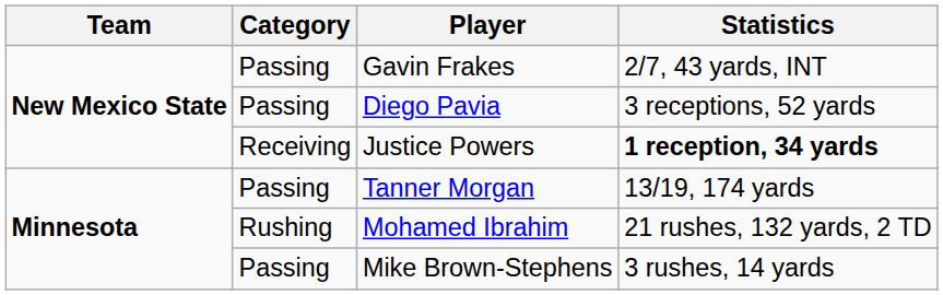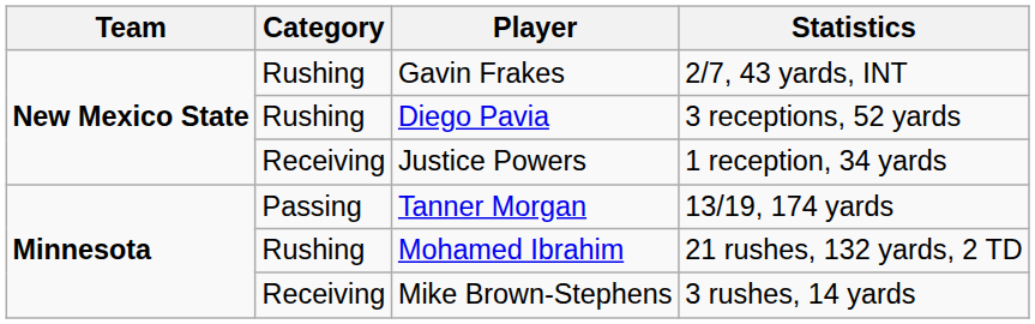 <table class="wikitable" style="float: right;">
 <tr>
 <th>Team</th>
 <th>Category</th>
 <th>Player</th>
 <th>Statistics</th>
 </tr>
 <tr>
 <td rowspan=3><strong>New Mexico State</strong></td>
-<td>Passing</td>
+<td>Rushing</td>
 <td>Gavin Frakes</td>
 <td>2/7, 43 yards, INT</td>
 </tr>
 <tr>
-<td>Passing</td>
+<td>Rushing</td>
 <td><a href='#'>Diego Pavia</a></td>
 <td>3 receptions, 52 yards</td>
 </tr>
 <tr>
 <td>Receiving</td>
 <td>Justice Powers</td>
-<td><strong>1 reception, 34 yards</strong></td>
+<td>1 reception, 34 yards</td>
 </tr>
 <tr>
 <td rowspan=3><strong>Minnesota</strong></td>
 <td>Passing</td>
 <td><a href='#'>Tanner Morgan</a></td>
 <td>13/19, 174 yards</td>
 </tr>
 <tr>
 <td>Rushing</td>
 <td><a href='#'>Mohamed Ibrahim</a></td>
 <td>21 rushes, 132 yards, 2 TD</td>
 </tr>
 <tr>
-<td>Passing</td>
+<td>Receiving</td>
 <td>Mike Brown-Stephens</td>
 <td>3 rushes, 14 yards</td>
 </tr>
 </table>
